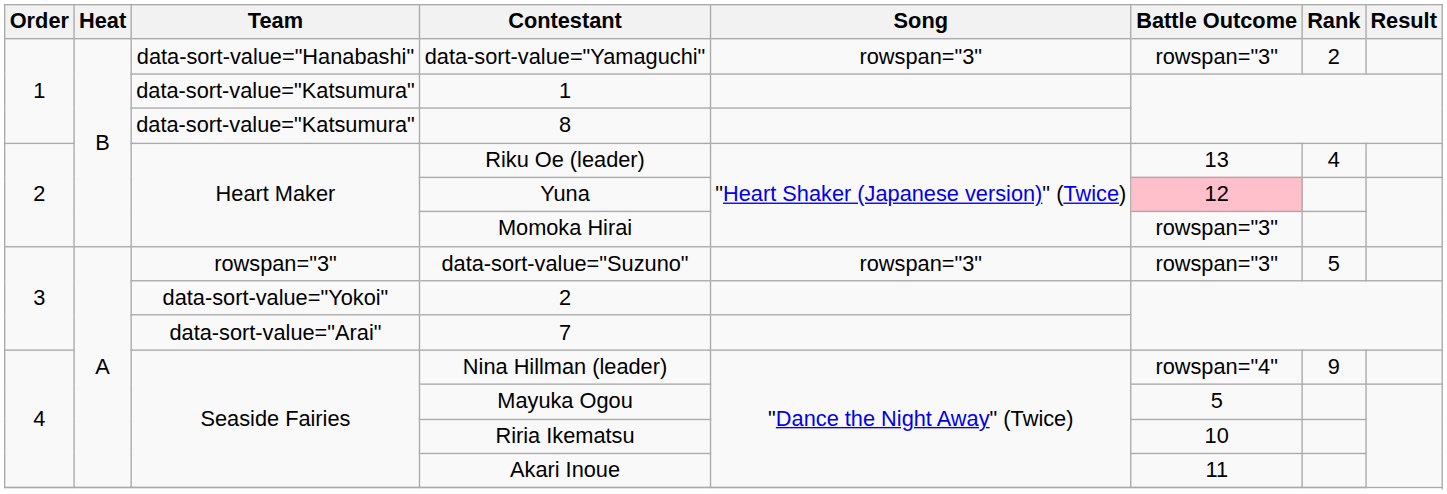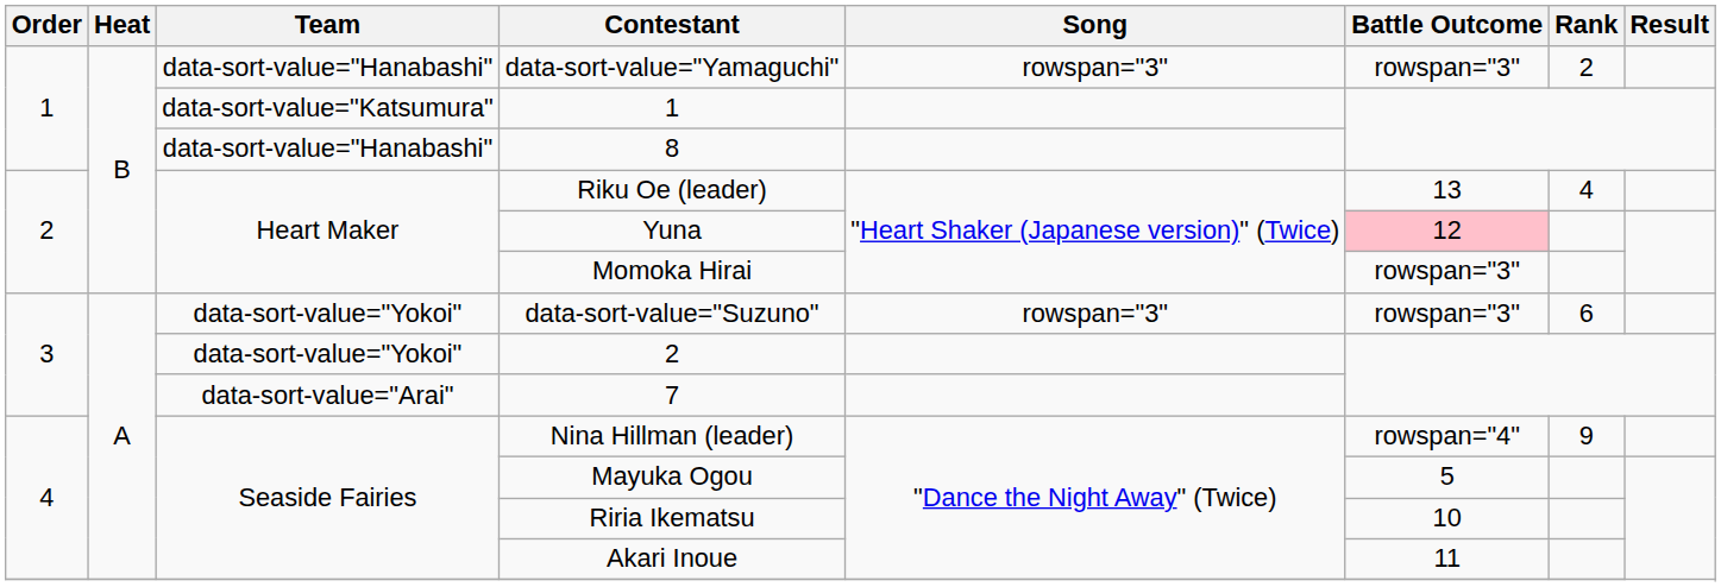 <table class="wikitable sortable" style="text-align:center;">
 <tr>
 <th>Order</th>
 <th>Heat</th>
 <th>Team</th>
 <th>Contestant</th>
 <th>Song</th>
 <th>Battle Outcome</th>
 <th>Rank<br></th>
 <th>Result<br></th>
 </tr>
 <tr>
 <td rowspan="3">1</td>
 <td rowspan="6">B</td>
 <td>data-sort-value="Hanabashi" </td>
 <td>data-sort-value="Yamaguchi" </td>
 <td>rowspan="3" </td>
 <td>rowspan="3" </td>
 <td>2</td>
 <td></td>
 </tr>
 <tr>
 <td>data-sort-value="Katsumura" </td>
 <td>1</td>
 <td></td>
 </tr>
 <tr>
-<td>data-sort-value="Katsumura" </td>
+<td>data-sort-value="Hanabashi" </td>
 <td>8</td>
 <td></td>
 </tr>
 <tr>
 <td rowspan="3">2</td>
 <td rowspan="3">Heart Maker</td>
 <td data-sort-value="Oe">Riku Oe (leader)</td>
 <td rowspan="3">"<a href='#'>Heart Shaker (Japanese version)</a>" (<a href='#'>Twice</a>)</td>
 <td>13</td>
 <td>4</td>
 <td></td>
 </tr>
 <tr>
 <td>Yuna</td>
 <td style="background: pink;">12</td>
 <td></td>
 </tr>
 <tr>
 <td data-sort-value="Hirai">Momoka Hirai</td>
 <td>rowspan="3" </td>
 <td></td>
 </tr>
 <tr>
 <td rowspan="3">3</td>
 <td rowspan="7">A</td>
-<td>rowspan="3" </td>
+<td>data-sort-value="Yokoi" </td>
 <td>data-sort-value="Suzuno" </td>
 <td>rowspan="3" </td>
 <td>rowspan="3" </td>
-<td>5</td>
+<td>6</td>
 <td></td>
 </tr>
 <tr>
 <td>data-sort-value="Yokoi" </td>
 <td>2</td>
 <td></td>
 </tr>
 <tr>
 <td>data-sort-value="Arai" </td>
 <td>7</td>
 <td></td>
 </tr>
 <tr>
 <td rowspan="4">4</td>
 <td rowspan="4">Seaside Fairies</td>
 <td data-sort-value="Hillman">Nina Hillman (leader)</td>
 <td rowspan="4">"<a href='#'>Dance the Night Away</a>" (Twice)</td>
 <td>rowspan="4" </td>
 <td>9</td>
 <td></td>
 </tr>
 <tr>
 <td data-sort-value="Ogou">Mayuka Ogou</td>
 <td>5</td>
 <td></td>
 </tr>
 <tr>
 <td data-sort-value="Ikematsu">Riria Ikematsu</td>
 <td>10</td>
 <td></td>
 </tr>
 <tr>
 <td data-sort-value="Inoue">Akari Inoue</td>
 <td>11</td>
 <td></td>
 </tr>
 <tr>
 </tr>
 </table>
